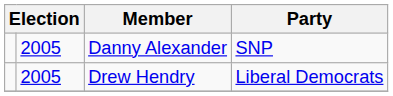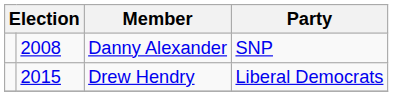 <table class="wikitable">
 <tr>
 <th colspan=2>Election</th>
 <th>Member</th>
 <th>Party</th>
 </tr>
 <tr>
 <td style="color:inherit;background-color: "></td>
-<td><a href='#'>2005</a></td>
+<td><a href='#'>2008</a></td>
 <td><a href='#'>Danny Alexander</a></td>
 <td><a href='#'>SNP</a></td>
 </tr>
 <tr>
 <td style="color:inherit;background-color: "></td>
-<td><a href='#'>2005</a></td>
+<td><a href='#'>2015</a></td>
 <td><a href='#'>Drew Hendry</a></td>
 <td><a href='#'>Liberal Democrats</a></td>
 </tr>
 <tr>
 </tr>
 </table>
